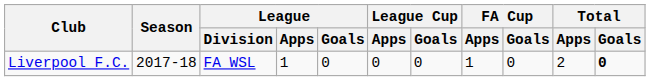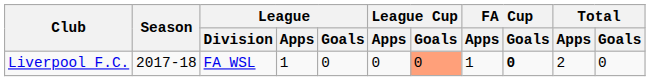 <table class="wikitable">
 <tr>
 <th rowspan="2">Club</th>
 <th rowspan="2">Season</th>
 <th colspan="3">League</th>
 <th colspan="2">League Cup</th>
 <th colspan="2">FA Cup</th>
 <th colspan="2">Total</th>
 </tr>
 <tr>
 <th>Division</th>
 <th>Apps</th>
 <th>Goals</th>
 <th>Apps</th>
 <th>Goals</th>
 <th>Apps</th>
 <th>Goals</th>
 <th>Apps</th>
 <th>Goals</th>
 </tr>
 <tr>
 <td><a href='#'>Liverpool F.C.</a></td>
 <td>2017-18</td>
 <td><a href='#'>FA WSL</a></td>
 <td>1</td>
 <td>0</td>
 <td>0</td>
+<td style="background: lightsalmon;">0</td>
+<td>1</td>
+<td><strong>0</strong></td>
+<td>2</td>
 <td>0</td>
-<td>1</td>
-<td>0</td>
-<td>2</td>
-<td><strong>0</strong></td>
 </tr>
 </table>
